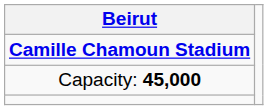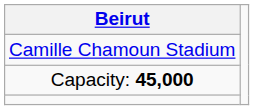 <table class="wikitable" style="text-align:center">
 <tr>
 <th><a href='#'>Beirut</a></th>
 <td rowspan="4"></td>
 </tr>
 <tr>
-<td><strong><a href='#'>Camille Chamoun Stadium</a></strong></td>
+<td><a href='#'>Camille Chamoun Stadium</a></td>
 </tr>
 <tr>
 <td>Capacity: <strong>45,000</strong></td>
 </tr>
 <tr>
 <td></td>
 </tr>
 </table>
